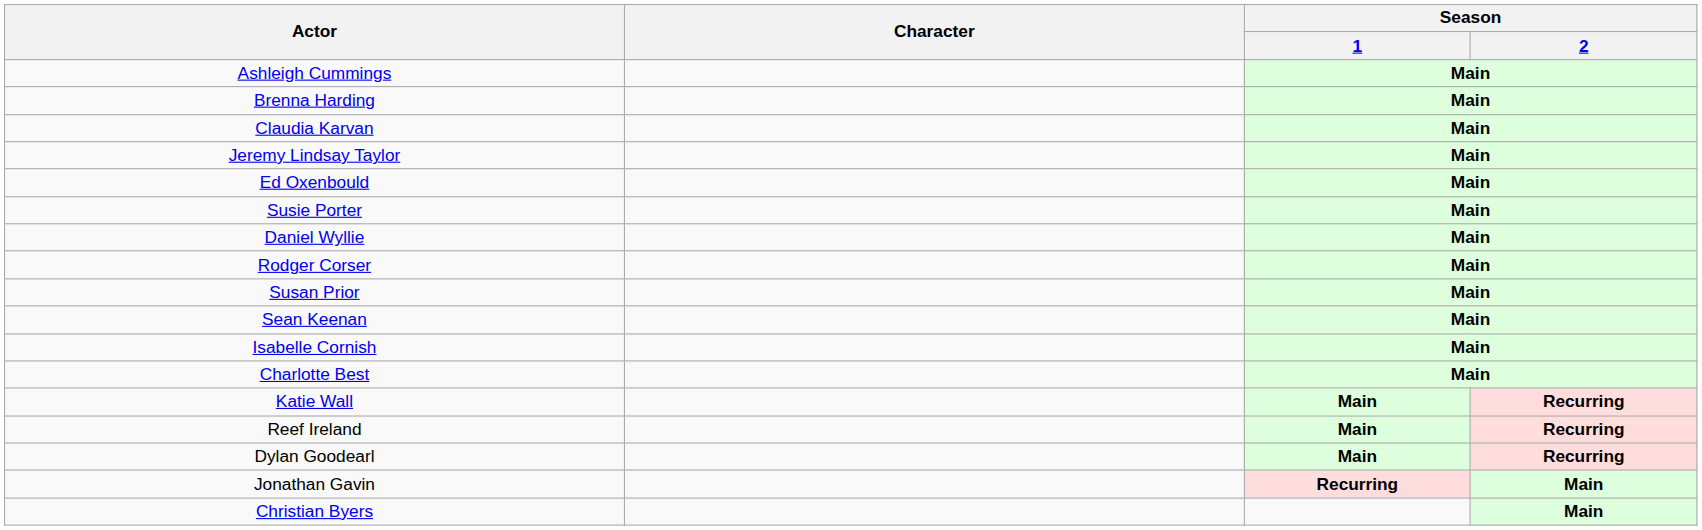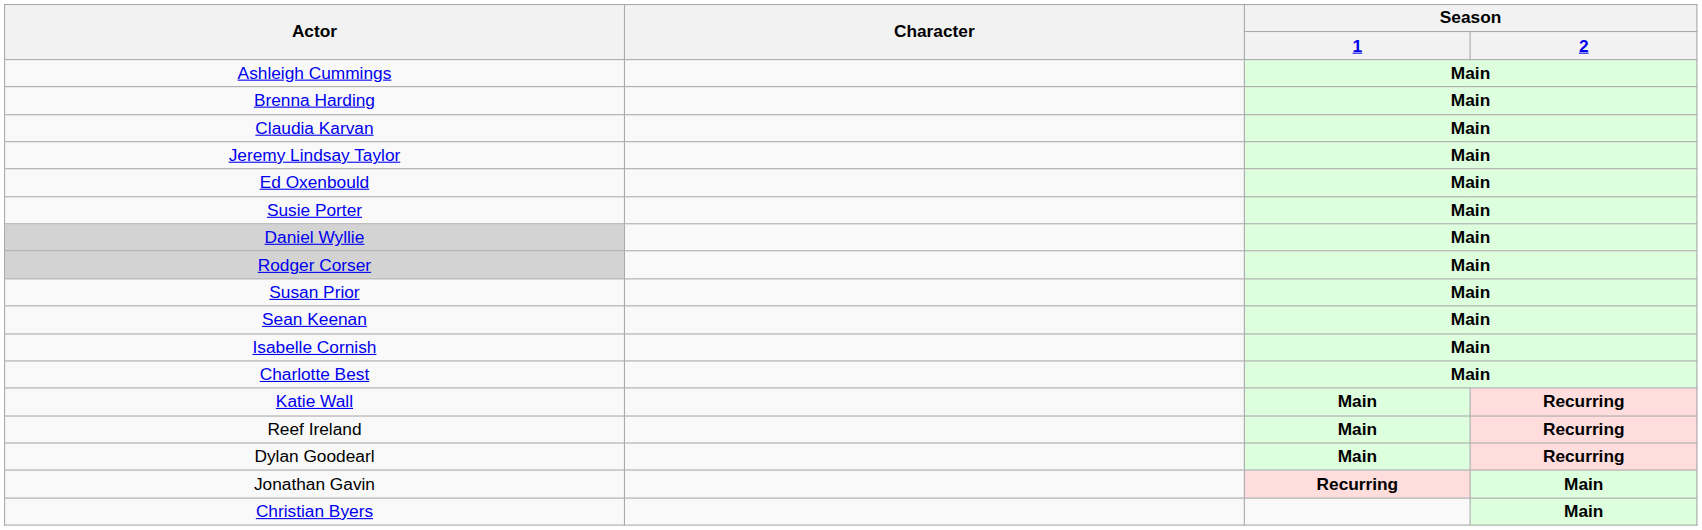 <table class="wikitable plainrowheaders" style="text-align:center">
 <tr>
 <th rowspan="2" style="width:14%;" scope="col">Actor</th>
 <th rowspan="2" style="width:14%;" scope="col">Character</th>
 <th colspan="12">Season</th>
 </tr>
 <tr>
 <th scope="col" style="width:5%;"><strong><a href='#'>1</a></strong></th>
 <th scope="col" style="width:5%;"><strong><a href='#'>2</a></strong></th>
 </tr>
 <tr>
 <td><a href='#'>Ashleigh Cummings</a></td>
 <td></td>
 <td colspan="2" style="background:#dfd; text-align:center;"><strong>Main</strong></td>
 </tr>
 <tr>
 <td><a href='#'>Brenna Harding</a></td>
 <td></td>
 <td colspan="2" style="background:#dfd; text-align:center;"><strong>Main</strong></td>
 </tr>
 <tr>
 <td><a href='#'>Claudia Karvan</a></td>
 <td></td>
 <td colspan="2" style="background:#dfd; text-align:center;"><strong>Main</strong></td>
 </tr>
 <tr>
 <td><a href='#'>Jeremy Lindsay Taylor</a></td>
 <td></td>
 <td colspan="2" style="background:#dfd; text-align:center;"><strong>Main</strong></td>
 </tr>
 <tr>
 <td><a href='#'>Ed Oxenbould</a></td>
 <td></td>
 <td colspan="2" style="background:#dfd; text-align:center;"><strong>Main</strong></td>
 </tr>
 <tr>
 <td><a href='#'>Susie Porter</a></td>
 <td></td>
 <td colspan="2" style="background:#dfd; text-align:center;"><strong>Main</strong></td>
 </tr>
 <tr>
-<td><a href='#'>Daniel Wyllie</a></td>
+<td style="background: lightgrey;"><a href='#'>Daniel Wyllie</a></td>
 <td></td>
 <td colspan="2" style="background:#dfd; text-align:center;"><strong>Main</strong></td>
 </tr>
 <tr>
-<td><a href='#'>Rodger Corser</a></td>
+<td style="background: lightgrey;"><a href='#'>Rodger Corser</a></td>
 <td></td>
 <td colspan="2" style="background:#dfd; text-align:center;"><strong>Main</strong></td>
 </tr>
 <tr>
 <td><a href='#'>Susan Prior</a></td>
 <td></td>
 <td colspan="2" style="background:#dfd; text-align:center;"><strong>Main</strong></td>
 </tr>
 <tr>
 <td><a href='#'>Sean Keenan</a></td>
 <td></td>
 <td colspan="2" style="background:#dfd; text-align:center;"><strong>Main</strong></td>
 </tr>
 <tr>
 <td><a href='#'>Isabelle Cornish</a></td>
 <td></td>
 <td colspan="2" style="background:#dfd; text-align:center;"><strong>Main</strong></td>
 </tr>
 <tr>
 <td><a href='#'>Charlotte Best</a></td>
 <td></td>
 <td colspan="2" style="background:#dfd; text-align:center;"><strong>Main</strong></td>
 </tr>
 <tr>
 <td><a href='#'>Katie Wall</a></td>
 <td></td>
 <td colspan="1" style="background:#dfd; text-align:center;"><strong>Main</strong></td>
 <td colspan="1" style="background:#fdd; text-align:center;"><strong>Recurring</strong></td>
 </tr>
 <tr>
 <td>Reef Ireland</td>
 <td></td>
 <td colspan="1" style="background:#dfd; text-align:center;"><strong>Main</strong></td>
 <td colspan="1" style="background:#fdd; text-align:center;"><strong>Recurring</strong></td>
 </tr>
 <tr>
 <td>Dylan Goodearl</td>
 <td></td>
 <td colspan="1" style="background:#dfd; text-align:center;"><strong>Main</strong></td>
 <td colspan="1" style="background:#fdd; text-align:center;"><strong>Recurring</strong></td>
 </tr>
 <tr>
 <td>Jonathan Gavin</td>
 <td></td>
 <td colspan="1" style="background:#fdd; text-align:center;"><strong>Recurring</strong></td>
 <td colspan="1" style="background:#dfd; text-align:center;"><strong>Main</strong></td>
 </tr>
 <tr>
 <td><a href='#'>Christian Byers</a></td>
 <td></td>
 <td colspan="1" style="background: text-align:center;"></td>
 <td colspan="1" style="background:#dfd; text-align:center;"><strong>Main</strong></td>
 </tr>
 </table>
